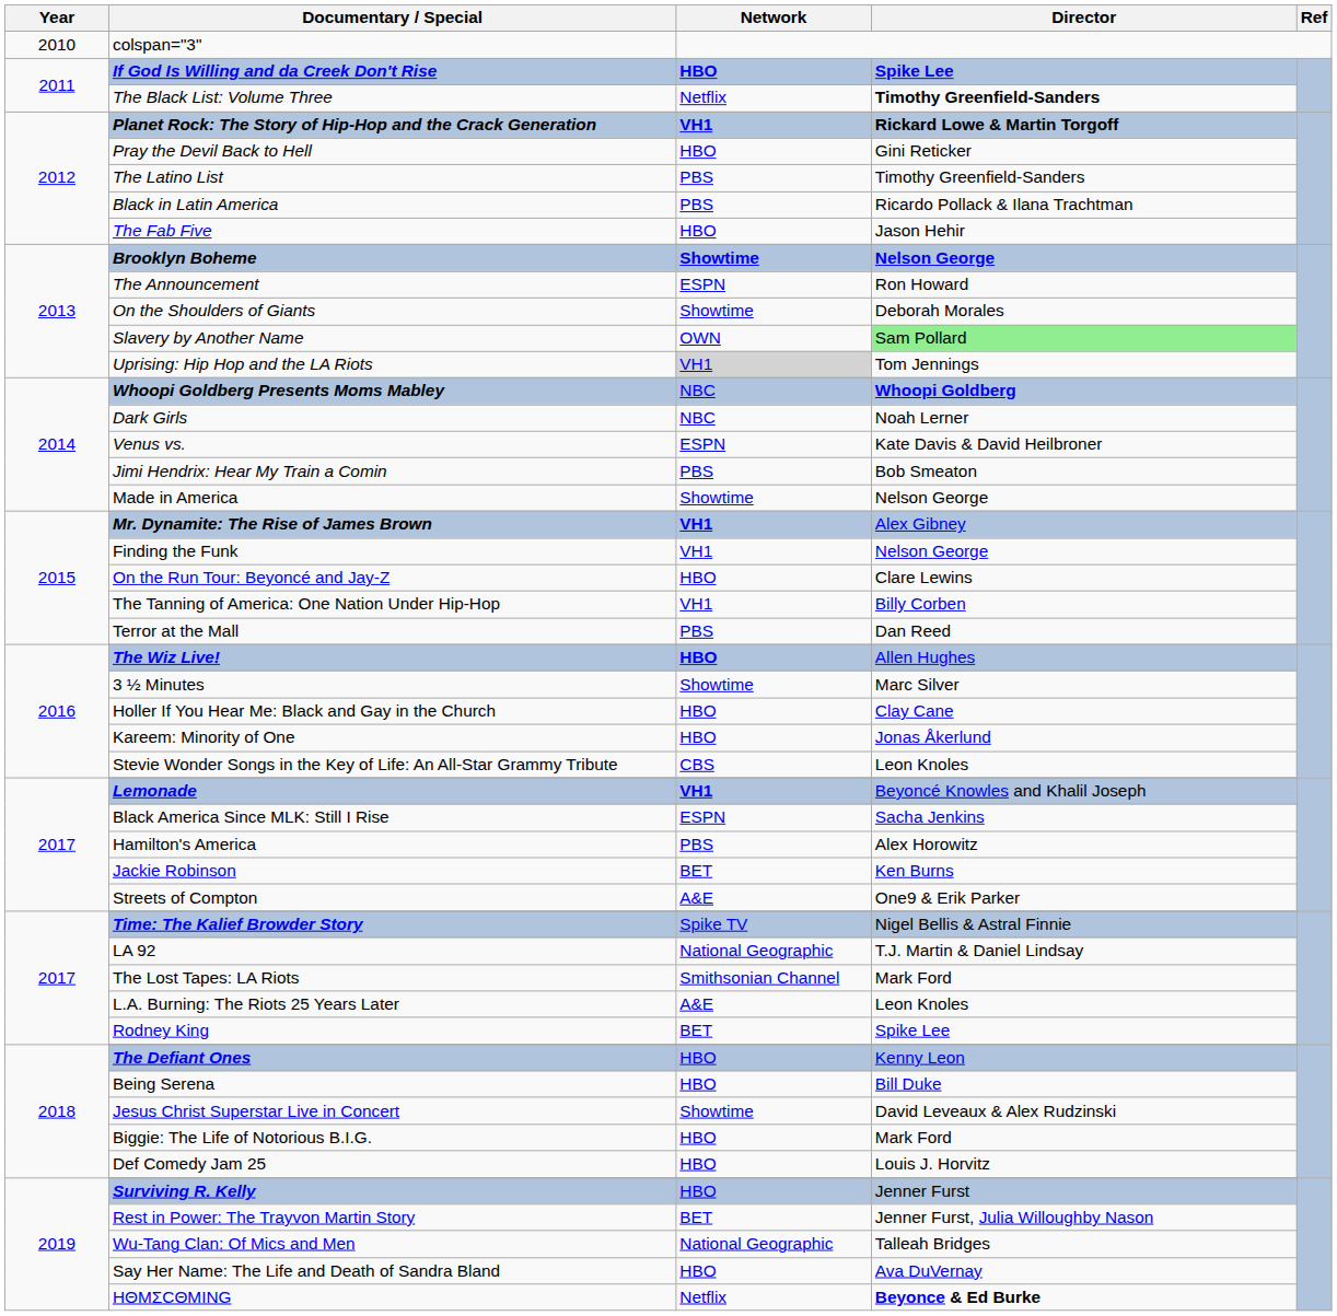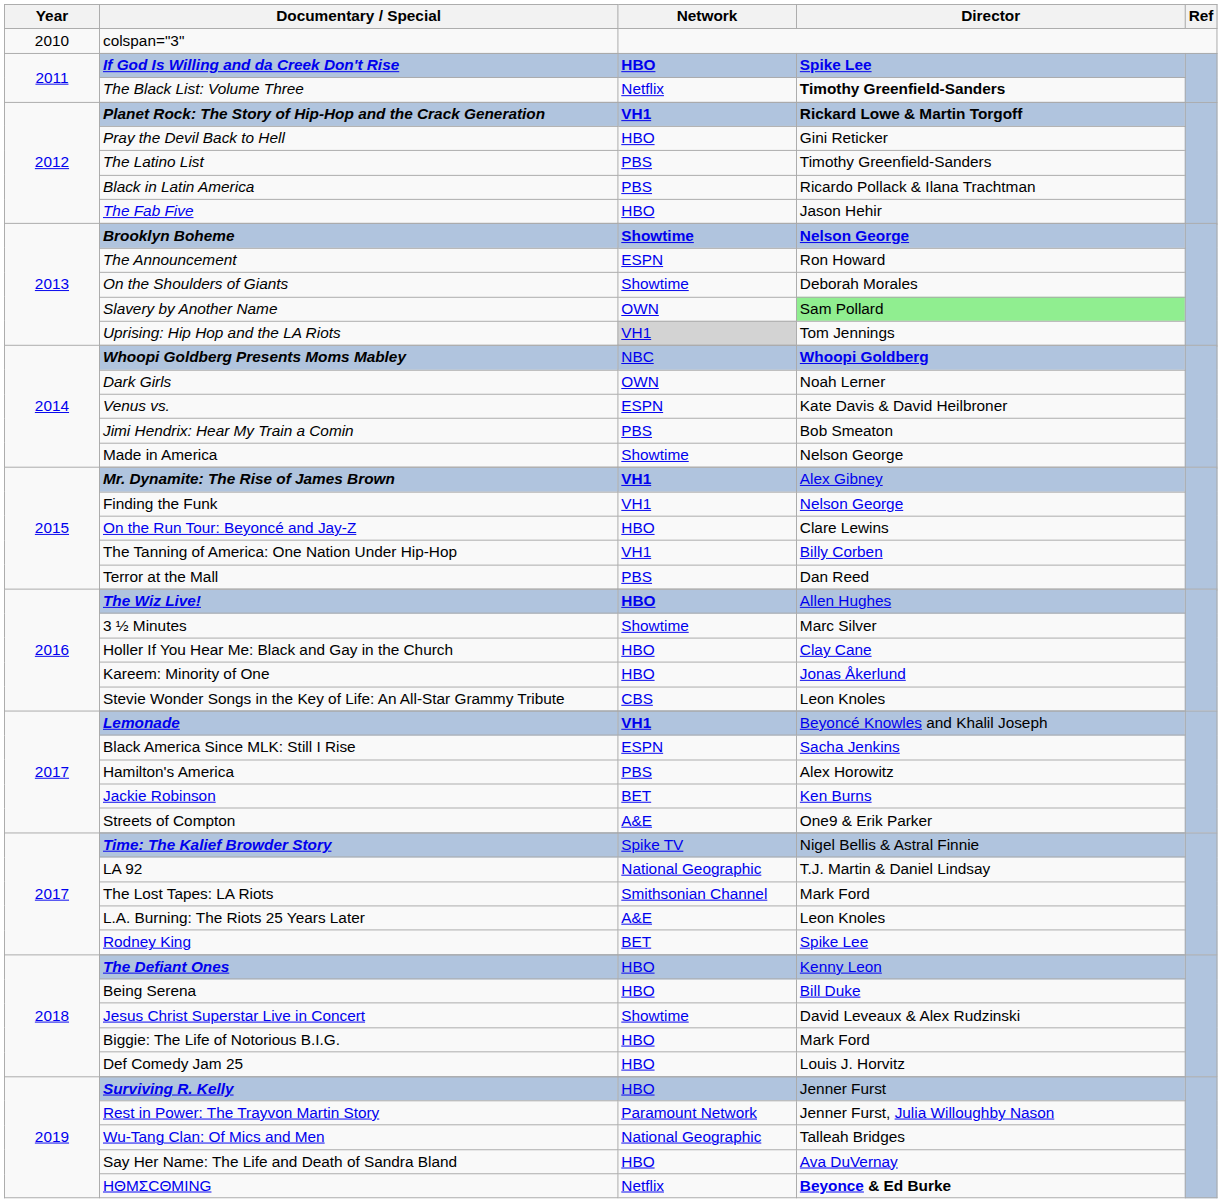 <table class="wikitable" style="width:100%;">
 <tr style="background:#bebebe;">
 <th style="width:08%;">Year</th>
 <th style="width:44%;">Documentary / Special</th>
 <th style="width:15%;">Network</th>
 <th style="width:35%;">Director</th>
 <th style="width:5%;">Ref</th>
 </tr>
 <tr>
 <td align="center">2010</td>
 <td>colspan="3" </td>
 </tr>
 <tr>
 <td rowspan="3" align="center"><a href='#'>2011</a></td>
 </tr>
 <tr style="background:#B0C4DE">
 <td><strong><em><a href='#'>If God Is Willing and da Creek Don't Rise</a></em></strong></td>
 <td><strong><a href='#'>HBO</a></strong></td>
 <td><strong><a href='#'>Spike Lee</a></strong></td>
 <td rowspan="3" align="center"></td>
 </tr>
 <tr>
 <td><em>The Black List: Volume Three</em></td>
 <td><a href='#'>Netflix</a></td>
 <td><strong>Timothy Greenfield-Sanders</strong></td>
 </tr>
 <tr>
 <td rowspan="6" align="center"><a href='#'>2012</a></td>
 </tr>
 <tr style="background:#B0C4DE">
 <td><strong><em>Planet Rock: The Story of Hip-Hop and the Crack Generation</em></strong></td>
 <td><strong><a href='#'>VH1</a></strong></td>
 <td><strong>Rickard Lowe & Martin Torgoff</strong></td>
 <td rowspan="6" align="center"></td>
 </tr>
 <tr>
 <td><em>Pray the Devil Back to Hell</em></td>
 <td><a href='#'>HBO</a></td>
 <td>Gini Reticker</td>
 </tr>
 <tr>
 <td><em>The Latino List</em></td>
 <td><a href='#'>PBS</a></td>
 <td>Timothy Greenfield-Sanders</td>
 </tr>
 <tr>
 <td><em>Black in Latin America</em></td>
 <td><a href='#'>PBS</a></td>
 <td>Ricardo Pollack & Ilana Trachtman</td>
 </tr>
 <tr>
 <td><em><a href='#'>The Fab Five</a></em></td>
 <td><a href='#'>HBO</a></td>
 <td>Jason Hehir</td>
 </tr>
 <tr>
 <td rowspan="6" align="center"><a href='#'>2013</a></td>
 </tr>
 <tr style="background:#B0C4DE">
 <td><strong><em>Brooklyn Boheme</em></strong></td>
 <td><strong><a href='#'>Showtime</a></strong></td>
 <td><strong><a href='#'>Nelson George</a></strong></td>
 <td rowspan="6" align="center"></td>
 </tr>
 <tr>
 <td><em>The Announcement</em></td>
 <td><a href='#'>ESPN</a></td>
 <td>Ron Howard</td>
 </tr>
 <tr>
 <td><em>On the Shoulders of Giants</em></td>
 <td><a href='#'>Showtime</a></td>
 <td>Deborah Morales</td>
 </tr>
 <tr>
 <td><em>Slavery by Another Name</em></td>
 <td><a href='#'>OWN</a></td>
 <td style="background: lightgreen;">Sam Pollard</td>
 </tr>
 <tr>
 <td><em>Uprising: Hip Hop and the LA Riots</em></td>
 <td style="background: lightgrey;"><a href='#'>VH1</a></td>
 <td>Tom Jennings</td>
 </tr>
 <tr>
 <td rowspan="6" align="center"><a href='#'>2014</a></td>
 </tr>
 <tr style="background:#B0C4DE">
 <td><strong><em>Whoopi Goldberg Presents Moms Mabley</em></strong></td>
 <td></strong><a href='#'>NBC</a><strong></td>
 <td><strong><a href='#'>Whoopi Goldberg</a></strong></td>
 <td rowspan="6" align="center"></td>
 </tr>
 <tr>
 <td><em>Dark Girls</em></td>
-<td><a href='#'>NBC</a></td>
+<td><a href='#'>OWN</a></td>
 <td>Noah Lerner</td>
 </tr>
 <tr>
 <td><em>Venus vs.</em></td>
 <td><a href='#'>ESPN</a></td>
 <td>Kate Davis & David Heilbroner</td>
 </tr>
 <tr>
 <td><em>Jimi Hendrix: Hear My Train a Comin<strong></td>
 <td><a href='#'>PBS</a></td>
 <td>Bob Smeaton</td>
 </tr>
 <tr>
 <td></em>Made in America<em></td>
 <td><a href='#'>Showtime</a></td>
 <td>Nelson George</td>
 </tr>
 <tr>
 <td rowspan="6" align="center"><a href='#'>2015</a></td>
 </tr>
 <tr style="background:#B0C4DE">
 <td><strong><em>Mr. Dynamite: The Rise of James Brown</em></strong></td>
 <td><strong><a href='#'>VH1</a></strong></td>
 <td></strong><a href='#'>Alex Gibney</a><strong></td>
 <td rowspan="6" align="center"></td>
 </tr>
 <tr>
 <td></em>Finding the Funk<em></td>
 <td><a href='#'>VH1</a></td>
 <td><a href='#'>Nelson George</a></td>
 </tr>
 <tr>
 <td></em><a href='#'>On the Run Tour: Beyoncé and Jay-Z</a><em></td>
 <td><a href='#'>HBO</a></td>
 <td>Clare Lewins</td>
 </tr>
 <tr>
 <td></em>The Tanning of America: One Nation Under Hip-Hop<em></td>
 <td><a href='#'>VH1</a></td>
 <td><a href='#'>Billy Corben</a></td>
 </tr>
 <tr>
 <td></em>Terror at the Mall<em></td>
 <td><a href='#'>PBS</a></td>
 <td>Dan Reed</td>
 </tr>
 <tr>
 <td rowspan="6" align="center"><a href='#'>2016</a></td>
 </tr>
 <tr style="background:#B0C4DE">
 <td><strong><em><a href='#'>The Wiz Live!</a></em></strong></td>
 <td><strong><a href='#'>HBO</a></strong></td>
 <td></strong><a href='#'>Allen Hughes</a><strong></td>
 <td rowspan="6" align="center"></td>
 </tr>
 <tr>
 <td></em>3 ½ Minutes<em></td>
 <td><a href='#'>Showtime</a></td>
 <td>Marc Silver</td>
 </tr>
 <tr>
 <td></em>Holler If You Hear Me: Black and Gay in the Church<em></td>
 <td><a href='#'>HBO</a></td>
 <td><a href='#'>Clay Cane</a></td>
 </tr>
 <tr>
 <td></em>Kareem: Minority of One<em></td>
 <td><a href='#'>HBO</a></td>
 <td><a href='#'>Jonas Åkerlund</a></td>
 </tr>
 <tr>
 <td></em>Stevie Wonder Songs in the Key of Life: An All-Star Grammy Tribute<em></td>
 <td><a href='#'>CBS</a></td>
 <td>Leon Knoles</td>
 </tr>
 <tr>
 <td rowspan="6" align="center"><a href='#'>2017</a></td>
 </tr>
 <tr style="background:#B0C4DE">
 <td><strong><em><a href='#'>Lemonade</a></em></strong></td>
 <td><strong><a href='#'>VH1</a></strong></td>
 <td></strong><a href='#'>Beyoncé Knowles</a> and Khalil Joseph<strong></td>
 <td rowspan="6" align="center"></td>
 </tr>
 <tr>
 <td></em>Black America Since MLK: Still I Rise<em></td>
 <td><a href='#'>ESPN</a></td>
 <td><a href='#'>Sacha Jenkins</a></td>
 </tr>
 <tr>
 <td></em>Hamilton's America<em></td>
 <td><a href='#'>PBS</a></td>
 <td>Alex Horowitz</td>
 </tr>
 <tr>
 <td></em><a href='#'>Jackie Robinson</a><em></td>
 <td><a href='#'>BET</a></td>
 <td><a href='#'>Ken Burns</a></td>
 </tr>
 <tr>
 <td></em>Streets of Compton<em></td>
 <td><a href='#'>A&E</a></td>
 <td>One9 & Erik Parker</td>
 </tr>
 <tr>
 <td rowspan="6" align="center"><a href='#'>2017</a></td>
 </tr>
 <tr style="background:#B0C4DE">
 <td><strong><em><a href='#'>Time: The Kalief Browder Story</a></em></strong></td>
 <td></strong><a href='#'>Spike TV</a><strong></td>
 <td></strong>Nigel Bellis & Astral Finnie<strong></td>
 <td rowspan="6" align="center"></td>
 </tr>
 <tr>
 <td></em>LA 92<em></td>
 <td><a href='#'>National Geographic</a></td>
 <td>T.J. Martin & Daniel Lindsay</td>
 </tr>
 <tr>
 <td></em>The Lost Tapes: LA Riots<em></td>
 <td><a href='#'>Smithsonian Channel</a></td>
 <td>Mark Ford</td>
 </tr>
 <tr>
 <td></em>L.A. Burning: The Riots 25 Years Later<em></td>
 <td><a href='#'>A&E</a></td>
 <td>Leon Knoles</td>
 </tr>
 <tr>
 <td></em><a href='#'>Rodney King</a><em></td>
 <td><a href='#'>BET</a></td>
 <td><a href='#'>Spike Lee</a></td>
 </tr>
 <tr>
 <td rowspan="6" align="center"><a href='#'>2018</a></td>
 </tr>
 <tr style="background:#B0C4DE">
 <td><strong><em><a href='#'>The Defiant Ones</a></em></strong></td>
 <td></strong><a href='#'>HBO</a><strong></td>
 <td></strong><a href='#'>Kenny Leon</a><strong></td>
 <td rowspan="6" align="center"></td>
 </tr>
 <tr>
 <td></em>Being Serena<em></td>
 <td><a href='#'>HBO</a></td>
 <td><a href='#'>Bill Duke</a></td>
 </tr>
 <tr>
 <td></em><a href='#'>Jesus Christ Superstar Live in Concert</a><em></td>
 <td><a href='#'>Showtime</a></td>
 <td>David Leveaux & Alex Rudzinski</td>
 </tr>
 <tr>
 <td></em>Biggie: The Life of Notorious B.I.G.<em></td>
 <td><a href='#'>HBO</a></td>
 <td>Mark Ford</td>
 </tr>
 <tr>
 <td></em>Def Comedy Jam 25<em></td>
 <td><a href='#'>HBO</a></td>
 <td>Louis J. Horvitz</td>
 </tr>
 <tr>
 <td rowspan="6" align="center"><a href='#'>2019</a></td>
 </tr>
 <tr style="background:#B0C4DE">
 <td><strong><em><a href='#'>Surviving R. Kelly</a></em></strong></td>
 <td></strong><a href='#'>HBO</a><strong></td>
 <td></strong>Jenner Furst<strong></td>
 <td rowspan="6" align="center"></td>
 </tr>
 <tr>
 <td></em><a href='#'>Rest in Power: The Trayvon Martin Story</a><em></td>
-<td><a href='#'>BET</a></td>
+<td><a href='#'>Paramount Network</a></td>
 <td>Jenner Furst, <a href='#'>Julia Willoughby Nason</a></td>
 </tr>
 <tr>
 <td></em><a href='#'>Wu-Tang Clan: Of Mics and Men</a><em></td>
 <td><a href='#'>National Geographic</a></td>
 <td>Talleah Bridges</td>
 </tr>
 <tr>
 <td></em>Say Her Name: The Life and Death of Sandra Bland<em></td>
 <td><a href='#'>HBO</a></td>
 <td><a href='#'>Ava DuVernay</a></td>
 </tr>
 <tr>
 <td></em><a href='#'>HΘMΣCΘMING</a><em></td>
 <td><a href='#'>Netflix</a></td>
 <td><strong><a href='#'>Beyonce</a> & Ed Burke</strong></td>
 </tr>
 </table>
